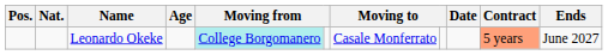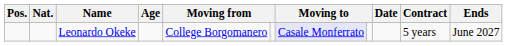 <table class="wikitable sortable">
 <tr>
 <th>Pos.</th>
 <th>Nat.</th>
 <th>Name</th>
 <th>Age</th>
 <th colspan=2>Moving from</th>
 <th colspan=2>Moving to</th>
 <th>Date</th>
 <th>Contract</th>
 <th>Ends</th>
 </tr>
 <tr>
 <td></td>
 <td></td>
 <td><a href='#'>Leonardo Okeke</a></td>
 <td></td>
-<td style="background: paleturquoise;"><a href='#'>College Borgomanero</a></td>
+<td><a href='#'>College Borgomanero</a></td>
 <td></td>
-<td><a href='#'>Casale Monferrato</a></td>
+<td style="background: lavender;"><a href='#'>Casale Monferrato</a></td>
 <td></td>
 <td></td>
-<td style="background: lightsalmon;">5 years</td>
+<td>5 years</td>
 <td>June 2027</td>
 </tr>
 </table>
